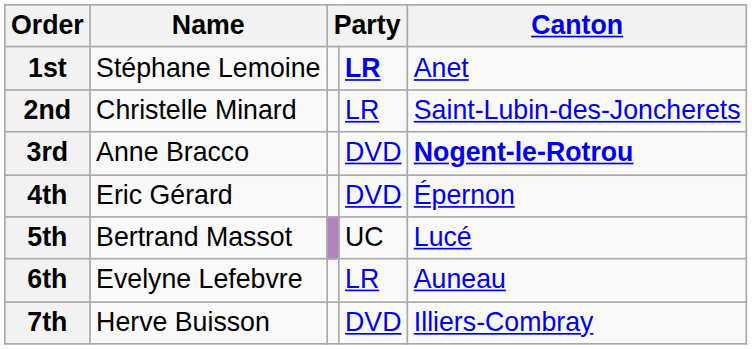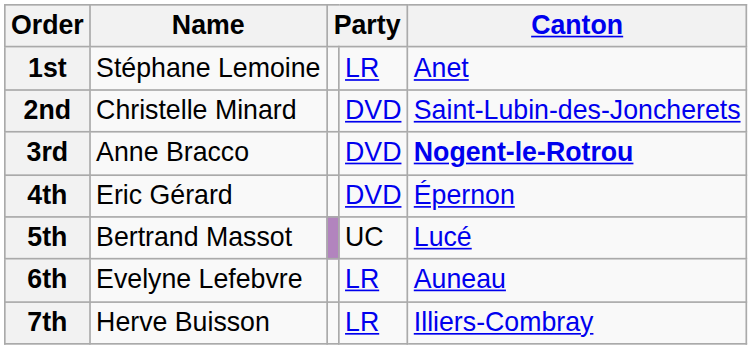 <table class="wikitable sortable">
 <tr>
 <th>Order</th>
 <th>Name</th>
 <th colspan="2">Party</th>
 <th><a href='#'>Canton</a></th>
 </tr>
 <tr>
 <th>1st</th>
 <td>Stéphane Lemoine</td>
 <td style="background-color: "></td>
-<td><strong><a href='#'>LR</a></strong></td>
+<td><a href='#'>LR</a></td>
 <td><a href='#'>Anet</a></td>
 </tr>
 <tr>
 <th>2nd</th>
 <td>Christelle Minard</td>
 <td style="background-color: "></td>
-<td><a href='#'>LR</a></td>
+<td><a href='#'>DVD</a></td>
 <td><a href='#'>Saint-Lubin-des-Joncherets</a></td>
 </tr>
 <tr>
 <th>3rd</th>
 <td>Anne Bracco</td>
 <td style="background-color: "></td>
 <td><a href='#'>DVD</a></td>
 <td><strong><a href='#'>Nogent-le-Rotrou</a></strong></td>
 </tr>
 <tr>
 <th>4th</th>
 <td>Eric Gérard</td>
 <td style="background-color: "></td>
 <td><a href='#'>DVD</a></td>
 <td><a href='#'>Épernon</a></td>
 </tr>
 <tr>
 <th>5th</th>
 <td>Bertrand Massot</td>
 <td bgcolor="#B284BE"></td>
 <td>UC</td>
 <td><a href='#'>Lucé</a></td>
 </tr>
 <tr>
 <th>6th</th>
 <td>Evelyne Lefebvre</td>
 <td style="background-color: "></td>
 <td><a href='#'>LR</a></td>
 <td><a href='#'>Auneau</a></td>
 </tr>
 <tr>
 <th>7th</th>
 <td>Herve Buisson</td>
 <td style="background-color: "></td>
-<td><a href='#'>DVD</a></td>
+<td><a href='#'>LR</a></td>
 <td><a href='#'>Illiers-Combray</a></td>
 </tr>
 </table>
